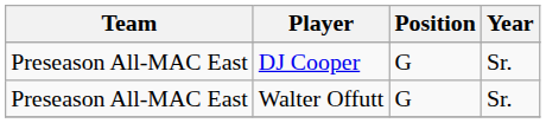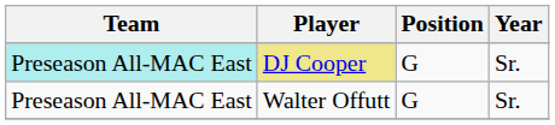 <table class="wikitable" border="1">
 <tr align=center>
 <th style= >Team</th>
 <th style= >Player</th>
 <th style= >Position</th>
 <th style= >Year</th>
 </tr>
 <tr align="center">
 </tr>
 <tr>
-<td>Preseason All-MAC East</td>
-<td><a href='#'>DJ Cooper</a></td>
+<td style="background: paleturquoise;">Preseason All-MAC East</td>
+<td style="background: khaki;"><a href='#'>DJ Cooper</a></td>
 <td>G</td>
 <td>Sr.</td>
 </tr>
 <tr>
 <td>Preseason All-MAC East</td>
 <td>Walter Offutt</td>
 <td>G</td>
 <td>Sr.</td>
 </tr>
 <tr>
 </tr>
 </table>
